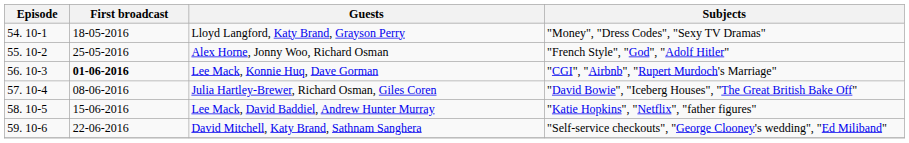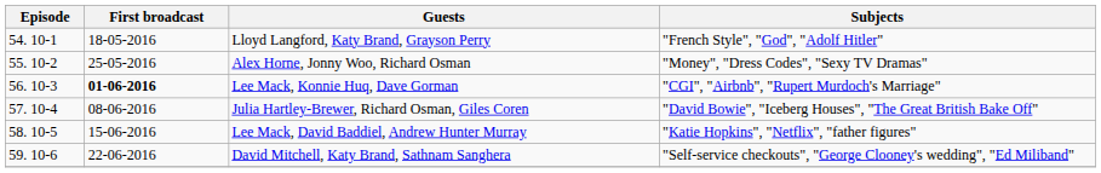 <table class="wikitable" style="width:95%;">
 <tr bgcolor="#cccccc">
 <th>Episode</th>
 <th>First broadcast</th>
 <th>Guests</th>
 <th style="width:40%;">Subjects</th>
 </tr>
 <tr>
 <td>54. 10-1</td>
 <td>18-05-2016</td>
 <td>Lloyd Langford, <a href='#'>Katy Brand</a>, <a href='#'>Grayson Perry</a></td>
-<td>"Money", "Dress Codes", "Sexy TV Dramas"</td>
+<td>"French Style", "<a href='#'>God</a>", "<a href='#'>Adolf Hitler</a>"</td>
 </tr>
 <tr>
 <td>55. 10-2</td>
 <td>25-05-2016</td>
 <td><a href='#'>Alex Horne</a>, Jonny Woo, Richard Osman</td>
-<td>"French Style", "<a href='#'>God</a>", "<a href='#'>Adolf Hitler</a>"</td>
+<td>"Money", "Dress Codes", "Sexy TV Dramas"</td>
 </tr>
 <tr>
 <td>56. 10-3</td>
 <td><strong>01-06-2016</strong></td>
 <td><a href='#'>Lee Mack</a>, <a href='#'>Konnie Huq</a>, <a href='#'>Dave Gorman</a></td>
 <td>"<a href='#'>CGI</a>", "<a href='#'>Airbnb</a>", "<a href='#'>Rupert Murdoch</a>'s Marriage"</td>
 </tr>
 <tr>
 <td>57. 10-4</td>
 <td>08-06-2016</td>
 <td><a href='#'>Julia Hartley-Brewer</a>, Richard Osman, <a href='#'>Giles Coren</a></td>
 <td>"<a href='#'>David Bowie</a>", "Iceberg Houses", "<a href='#'>The Great British Bake Off</a>"</td>
 </tr>
 <tr>
 <td>58. 10-5</td>
 <td>15-06-2016</td>
 <td><a href='#'>Lee Mack</a>, <a href='#'>David Baddiel</a>, <a href='#'>Andrew Hunter Murray</a></td>
 <td>"<a href='#'>Katie Hopkins</a>", "<a href='#'>Netflix</a>", "father figures"</td>
 </tr>
 <tr>
 <td>59. 10-6</td>
 <td>22-06-2016</td>
 <td><a href='#'>David Mitchell</a>, <a href='#'>Katy Brand</a>, <a href='#'>Sathnam Sanghera</a></td>
 <td>"Self-service checkouts", "<a href='#'>George Clooney</a>'s wedding", "<a href='#'>Ed Miliband</a>"</td>
 </tr>
 <tr>
 </tr>
 </table>
